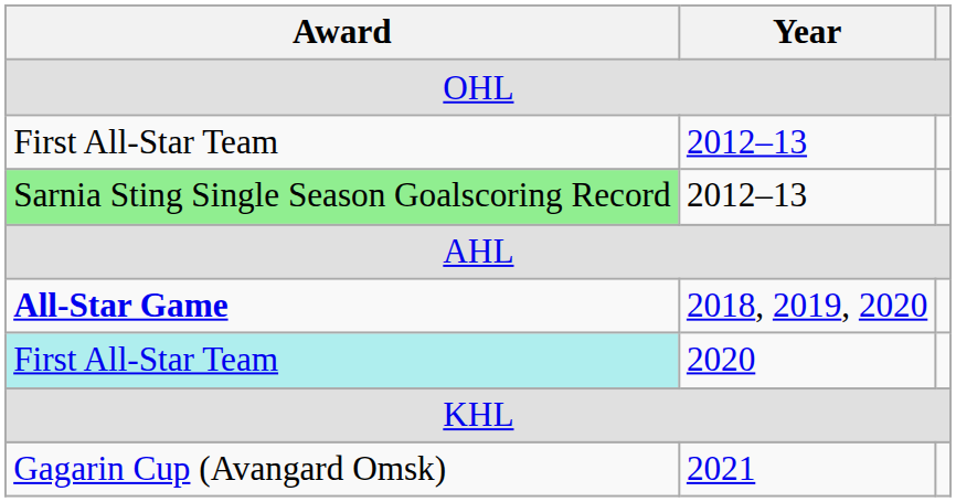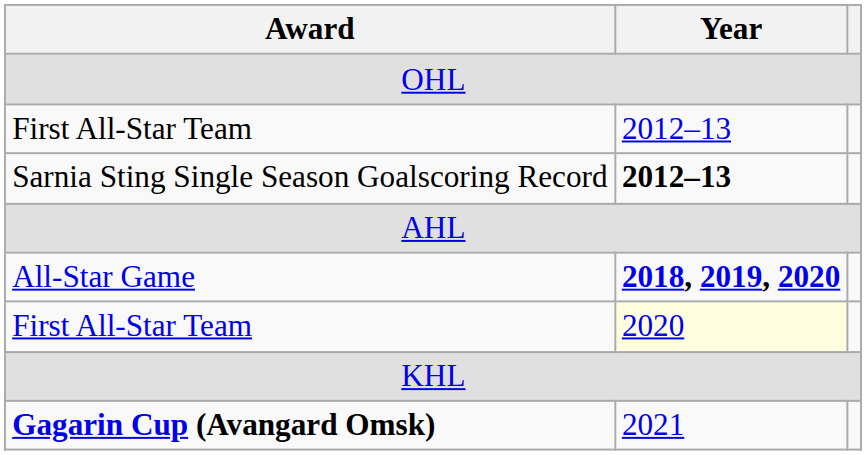 <table class="wikitable">
 <tr>
 <th>Award</th>
 <th>Year</th>
 <th></th>
 </tr>
 <tr ALIGN="center" bgcolor="#e0e0e0">
 <td colspan="3"><a href='#'>OHL</a></td>
 </tr>
 <tr>
 <td>First All-Star Team</td>
 <td><a href='#'>2012–13</a></td>
 <td></td>
 </tr>
 <tr>
-<td style="background: lightgreen;">Sarnia Sting Single Season Goalscoring Record</td>
-<td>2012–13</td>
+<td>Sarnia Sting Single Season Goalscoring Record</td>
+<td><strong>2012–13</strong></td>
 <td></td>
 </tr>
 <tr ALIGN="center" bgcolor="#e0e0e0">
 <td colspan="3"><a href='#'>AHL</a></td>
 </tr>
 <tr>
-<td><strong><a href='#'>All-Star Game</a></strong></td>
-<td><a href='#'>2018</a>, <a href='#'>2019</a>, <a href='#'>2020</a></td>
+<td><a href='#'>All-Star Game</a></td>
+<td><strong><a href='#'>2018</a>, <a href='#'>2019</a>, <a href='#'>2020</a></strong></td>
 <td></td>
 </tr>
 <tr>
-<td style="background: paleturquoise;"><a href='#'>First All-Star Team</a></td>
-<td><a href='#'>2020</a></td>
+<td><a href='#'>First All-Star Team</a></td>
+<td style="background: lightyellow;"><a href='#'>2020</a></td>
 <td></td>
 </tr>
 <tr ALIGN="center" bgcolor="#e0e0e0">
 <td colspan="3"><a href='#'>KHL</a></td>
 </tr>
 <tr>
-<td><a href='#'>Gagarin Cup</a> (Avangard Omsk)</td>
+<td><strong><a href='#'>Gagarin Cup</a> (Avangard Omsk)</strong></td>
 <td><a href='#'>2021</a></td>
 <td></td>
 </tr>
 </table>
